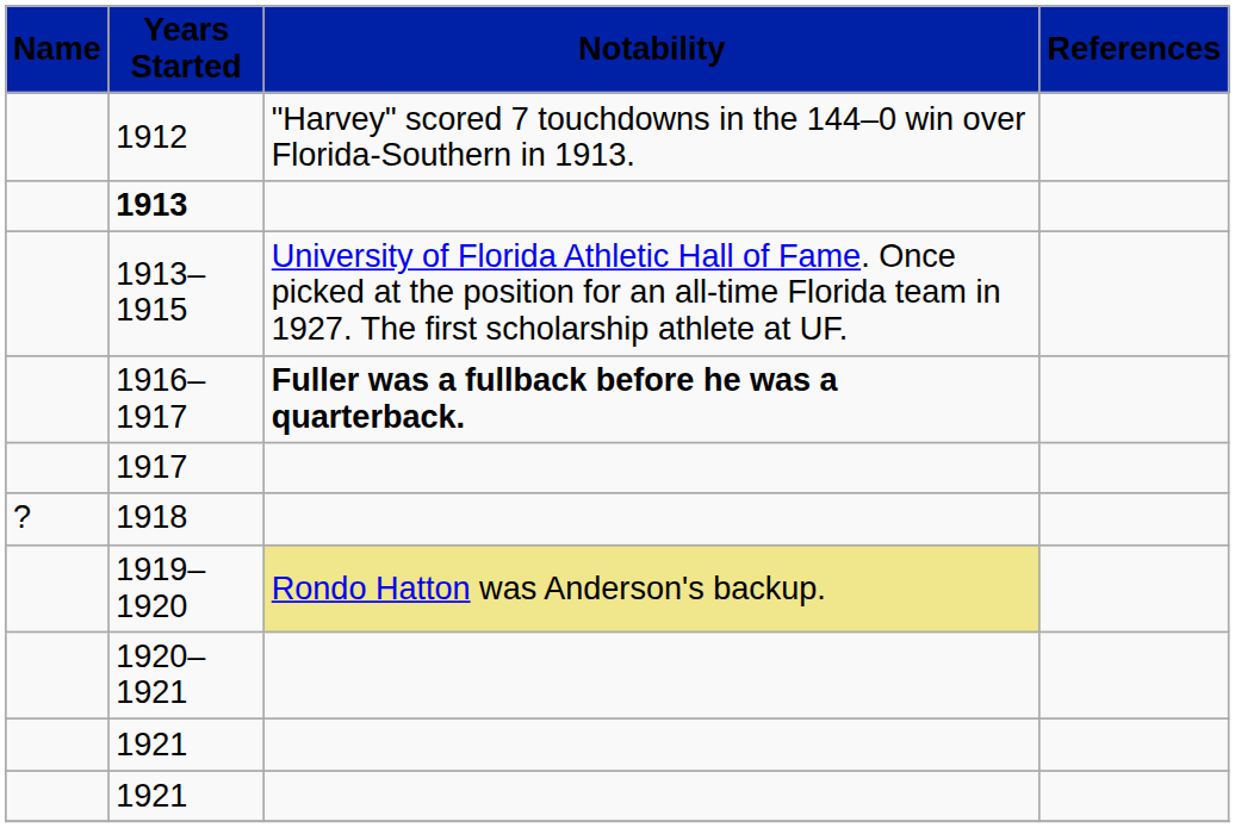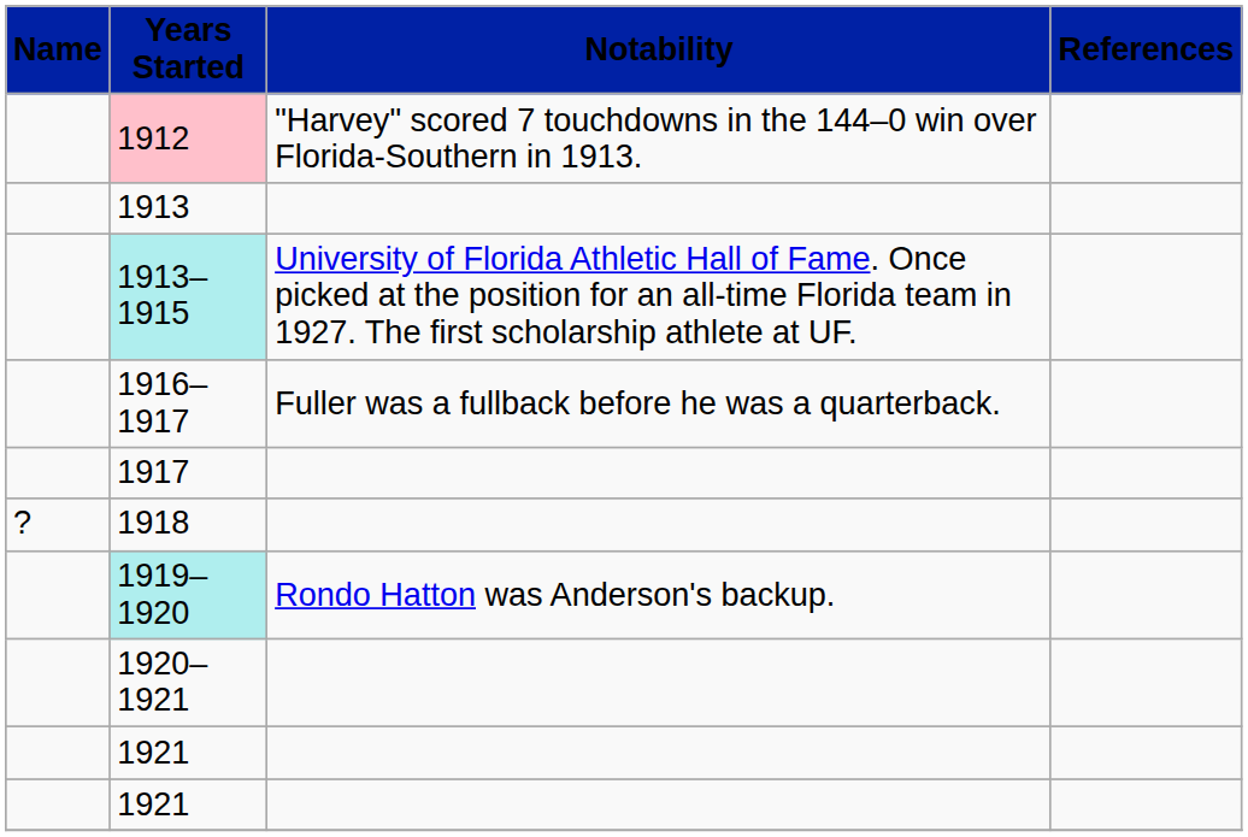 <table class="wikitable sortable" style="text-align:left;">
 <tr>
 <th style="background:#0021A5;"><span>Name</span></th>
 <th style="background:#0021A5;"><span>Years Started</span></th>
 <th style="background:#0021A5;"><span>Notability</span></th>
 <th style="background:#0021A5;"><span>References</span></th>
 </tr>
 <tr>
 <td></td>
-<td>1912</td>
+<td style="background: pink;">1912</td>
 <td>"Harvey" scored 7 touchdowns in the 144–0 win over Florida-Southern in 1913.</td>
 <td></td>
 </tr>
 <tr>
 <td></td>
-<td><strong>1913</strong></td>
+<td>1913</td>
 <td></td>
 <td></td>
 </tr>
 <tr>
 <td></td>
-<td>1913–1915</td>
+<td style="background: paleturquoise;">1913–1915</td>
 <td><a href='#'>University of Florida Athletic Hall of Fame</a>. Once picked at the position for an all-time Florida team in 1927. The first scholarship athlete at UF.</td>
 <td></td>
 </tr>
 <tr>
 <td></td>
 <td>1916–1917</td>
-<td><strong>Fuller was a fullback before he was a quarterback.</strong></td>
+<td>Fuller was a fullback before he was a quarterback.</td>
 <td></td>
 </tr>
 <tr>
 <td></td>
 <td>1917</td>
 <td></td>
 <td></td>
 </tr>
 <tr>
 <td>?</td>
 <td>1918</td>
 <td></td>
 </tr>
 <tr>
 <td></td>
-<td>1919–1920</td>
-<td style="background: khaki;"><a href='#'>Rondo Hatton</a> was Anderson's backup.</td>
+<td style="background: paleturquoise;">1919–1920</td>
+<td><a href='#'>Rondo Hatton</a> was Anderson's backup.</td>
 <td></td>
 </tr>
 <tr>
 <td></td>
 <td>1920–1921</td>
 <td></td>
 <td></td>
 </tr>
 <tr>
 <td></td>
 <td>1921</td>
 <td></td>
 <td></td>
 </tr>
 <tr>
 <td></td>
 <td>1921</td>
 <td></td>
 <td></td>
 </tr>
 <tr>
 </tr>
 </table>
